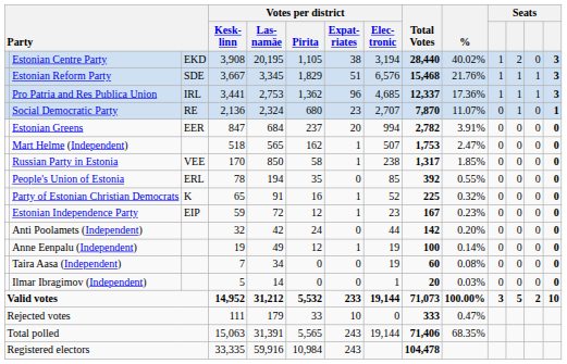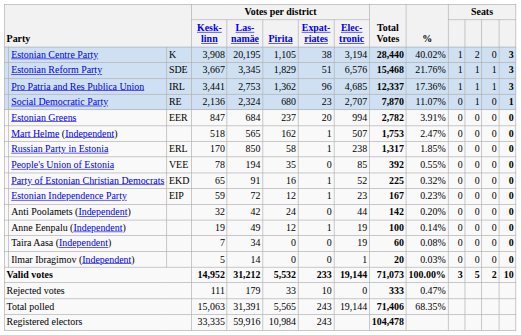 <table class="wikitable" border="1" style="text-align:right;">
 <tr>
 <th style="text-align:left;" valign=bottom rowspan=2 colspan=3>Party</th>
 <th colspan=5>Votes per district</th>
 <th align=center valign=bottom rowspan=2 width="50">Total Votes</th>
 <th align=center valign=bottom rowspan=2 width="50">%</th>
 <th colspan=4>Seats</th>
 </tr>
 <tr>
 <th align=center valign=bottom width="50"><a href='#'>Kesk- linn</a></th>
 <th align=center valign=bottom width="50"><a href='#'>Las- namäe</a></th>
 <th align=center valign=bottom width="50"><a href='#'>Pirita</a></th>
 <th align=center valign=bottom width="50"><a href='#'>Expat- riates</a></th>
 <th align=center valign=bottom width="50"><a href='#'>Elec- tronic</a></th>
 <th align=center valign=bottom width="20"><small></small></th>
 <th align=center valign=bottom width="20"><small></small></th>
 <th align=center valign=bottom width="20"><small></small></th>
 <th align=center valign=bottom width="20"><small></small></th>
 </tr>
 <tr style="background:#CEE0F2;">
 <td style="background:"></td>
 <td align=left><a href='#'>Estonian Centre Party</a></td>
-<td align=left>EKD</td>
+<td align=left>K</td>
 <td>3,908</td>
 <td>20,195</td>
 <td>1,105</td>
 <td>38</td>
 <td>3,194</td>
 <td><strong>28,440</strong></td>
 <td>40.02%</td>
 <td>1</td>
 <td>2</td>
 <td>0</td>
 <td><strong>3</strong></td>
 </tr>
 <tr style="background:#CEE0F2;">
 <td style="background:"></td>
 <td align=left><a href='#'>Estonian Reform Party</a></td>
 <td align=left>SDE</td>
 <td>3,667</td>
 <td>3,345</td>
 <td>1,829</td>
 <td>51</td>
 <td>6,576</td>
 <td><strong>15,468</strong></td>
 <td>21.76%</td>
 <td>1</td>
 <td>1</td>
 <td>1</td>
 <td><strong>3</strong></td>
 </tr>
 <tr style="background:#CEE0F2;">
 <td style="background:"></td>
 <td align=left><a href='#'>Pro Patria and Res Publica Union</a></td>
 <td align=left>IRL</td>
 <td>3,441</td>
 <td>2,753</td>
 <td>1,362</td>
 <td>96</td>
 <td>4,685</td>
 <td><strong>12,337</strong></td>
 <td>17.36%</td>
 <td>1</td>
 <td>1</td>
 <td>1</td>
 <td><strong>3</strong></td>
 </tr>
 <tr style="background:#CEE0F2;">
 <td style="background:"></td>
 <td align=left><a href='#'>Social Democratic Party</a></td>
 <td align=left>RE</td>
 <td>2,136</td>
 <td>2,324</td>
 <td>680</td>
 <td>23</td>
 <td>2,707</td>
 <td><strong>7,870</strong></td>
 <td>11.07%</td>
 <td>0</td>
 <td>1</td>
 <td>0</td>
 <td><strong>1</strong></td>
 </tr>
 <tr>
 <td style="background:"></td>
 <td align=left><a href='#'>Estonian Greens</a></td>
 <td align=left>EER</td>
 <td>847</td>
 <td>684</td>
 <td>237</td>
 <td>20</td>
 <td>994</td>
 <td><strong>2,782</strong></td>
 <td>3.91%</td>
 <td>0</td>
 <td>0</td>
 <td>0</td>
 <td><strong>0</strong></td>
 </tr>
 <tr>
 <td style="background:"></td>
 <td align=left><a href='#'>Mart Helme</a> (<a href='#'>Independent</a>)</td>
 <td></td>
 <td>518</td>
 <td>565</td>
 <td>162</td>
 <td>1</td>
 <td>507</td>
 <td><strong>1,753</strong></td>
 <td>2.47%</td>
 <td>0</td>
 <td>0</td>
 <td>0</td>
 <td><strong>0</strong></td>
 </tr>
 <tr>
 <td></td>
 <td align=left><a href='#'>Russian Party in Estonia</a></td>
-<td align=left>VEE</td>
+<td align=left>ERL</td>
 <td>170</td>
 <td>850</td>
 <td>58</td>
 <td>1</td>
 <td>238</td>
 <td><strong>1,317</strong></td>
 <td>1.85%</td>
 <td>0</td>
 <td>0</td>
 <td>0</td>
 <td><strong>0</strong></td>
 </tr>
 <tr>
 <td style="background:"></td>
 <td align=left><a href='#'>People's Union of Estonia</a></td>
-<td align=left>ERL</td>
+<td align=left>VEE</td>
 <td>78</td>
 <td>194</td>
 <td>35</td>
 <td>0</td>
 <td>85</td>
 <td><strong>392</strong></td>
 <td>0.55%</td>
 <td>0</td>
 <td>0</td>
 <td>0</td>
 <td><strong>0</strong></td>
 </tr>
 <tr>
 <td style="background:"></td>
 <td align=left><a href='#'>Party of Estonian Christian Democrats</a></td>
-<td align=left>K</td>
+<td align=left>EKD</td>
 <td>65</td>
 <td>91</td>
 <td>16</td>
 <td>1</td>
 <td>52</td>
 <td><strong>225</strong></td>
 <td>0.32%</td>
 <td>0</td>
 <td>0</td>
 <td>0</td>
 <td><strong>0</strong></td>
 </tr>
 <tr>
 <td style="background:"></td>
 <td align=left><a href='#'>Estonian Independence Party</a></td>
 <td align=left>EIP</td>
 <td>59</td>
 <td>72</td>
 <td>12</td>
 <td>1</td>
 <td>23</td>
 <td><strong>167</strong></td>
 <td>0.23%</td>
 <td>0</td>
 <td>0</td>
 <td>0</td>
 <td><strong>0</strong></td>
 </tr>
 <tr>
 <td style="background:"></td>
 <td align=left>Anti Poolamets (<a href='#'>Independent</a>)</td>
 <td></td>
 <td>32</td>
 <td>42</td>
 <td>24</td>
 <td>0</td>
 <td>44</td>
 <td><strong>142</strong></td>
 <td>0.20%</td>
 <td>0</td>
 <td>0</td>
 <td>0</td>
 <td><strong>0</strong></td>
 </tr>
 <tr>
 <td style="background:"></td>
 <td align=left>Anne Eenpalu (<a href='#'>Independent</a>)</td>
 <td></td>
 <td>19</td>
 <td>49</td>
 <td>12</td>
 <td>1</td>
 <td>19</td>
 <td><strong>100</strong></td>
 <td>0.14%</td>
 <td>0</td>
 <td>0</td>
 <td>0</td>
 <td><strong>0</strong></td>
 </tr>
 <tr>
 <td style="background:"></td>
 <td align=left>Taira Aasa (<a href='#'>Independent</a>)</td>
 <td></td>
 <td>7</td>
 <td>34</td>
 <td>0</td>
 <td>0</td>
 <td>19</td>
 <td><strong>60</strong></td>
 <td>0.08%</td>
 <td>0</td>
 <td>0</td>
 <td>0</td>
 <td><strong>0</strong></td>
 </tr>
 <tr>
 <td style="background:"></td>
 <td align=left>Ilmar Ibragimov (<a href='#'>Independent</a>)</td>
 <td></td>
 <td>5</td>
 <td>14</td>
 <td>0</td>
 <td>0</td>
 <td>1</td>
 <td><strong>20</strong></td>
 <td>0.03%</td>
 <td>0</td>
 <td>0</td>
 <td>0</td>
 <td><strong>0</strong></td>
 </tr>
 <tr style="font-weight:bold">
 <td align=left colspan=3>Valid votes</td>
 <td>14,952</td>
 <td>31,212</td>
 <td>5,532</td>
 <td>233</td>
 <td>19,144</td>
 <td>71,073</td>
 <td>100.00%</td>
 <td>3</td>
 <td>5</td>
 <td>2</td>
 <td>10</td>
 </tr>
 <tr>
 <td align=left colspan=3>Rejected votes</td>
 <td>111</td>
 <td>179</td>
 <td>33</td>
 <td>10</td>
 <td>0</td>
 <td><strong>333</strong></td>
 <td>0.47%</td>
 <td></td>
 <td></td>
 <td></td>
 <td></td>
 </tr>
 <tr>
 <td align=left colspan=3>Total polled</td>
 <td>15,063</td>
 <td>31,391</td>
 <td>5,565</td>
 <td>243</td>
 <td>19,144</td>
 <td><strong>71,406</strong></td>
 <td>68.35%</td>
 <td></td>
 <td></td>
 <td></td>
 <td></td>
 </tr>
 <tr>
 <td align=left colspan=3>Registered electors</td>
 <td>33,335</td>
 <td>59,916</td>
 <td>10,984</td>
 <td>243</td>
 <td></td>
 <td><strong>104,478</strong></td>
 <td></td>
 <td></td>
 <td></td>
 <td></td>
 <td></td>
 </tr>
 </table>
